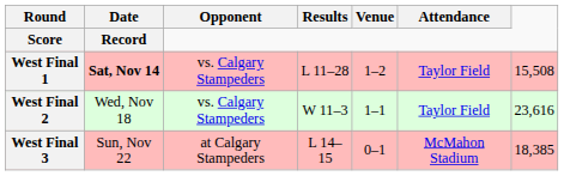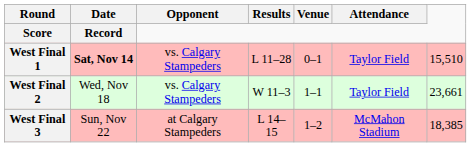 <table class="wikitable" style="text-align:center">
 <tr>
 <th>Round</th>
 <th>Date</th>
 <th>Opponent</th>
 <th>Results</th>
 <th>Venue</th>
 <th>Attendance</th>
 </tr>
 <tr>
 <th>Score</th>
 <th>Record</th>
 </tr>
 <tr style="background:#ffbbbb">
 <th>West Final 1</th>
 <td><strong>Sat, Nov 14</strong></td>
 <td>vs. <a href='#'>Calgary Stampeders</a></td>
 <td>L 11–28</td>
-<td>1–2</td>
+<td>0–1</td>
 <td><a href='#'>Taylor Field</a></td>
-<td>15,508</td>
+<td>15,510</td>
 </tr>
 <tr style="background:#ddffdd">
 <th>West Final 2</th>
 <td>Wed, Nov 18</td>
 <td>vs. <a href='#'>Calgary Stampeders</a></td>
 <td>W 11–3</td>
 <td>1–1</td>
 <td><a href='#'>Taylor Field</a></td>
-<td>23,616</td>
+<td>23,661</td>
 </tr>
 <tr style="background:#ffbbbb">
 <th>West Final 3</th>
 <td>Sun, Nov 22</td>
 <td>at Calgary Stampeders</td>
 <td>L 14–15</td>
-<td>0–1</td>
+<td>1–2</td>
 <td><a href='#'>McMahon Stadium</a></td>
 <td>18,385</td>
 </tr>
 </table>
